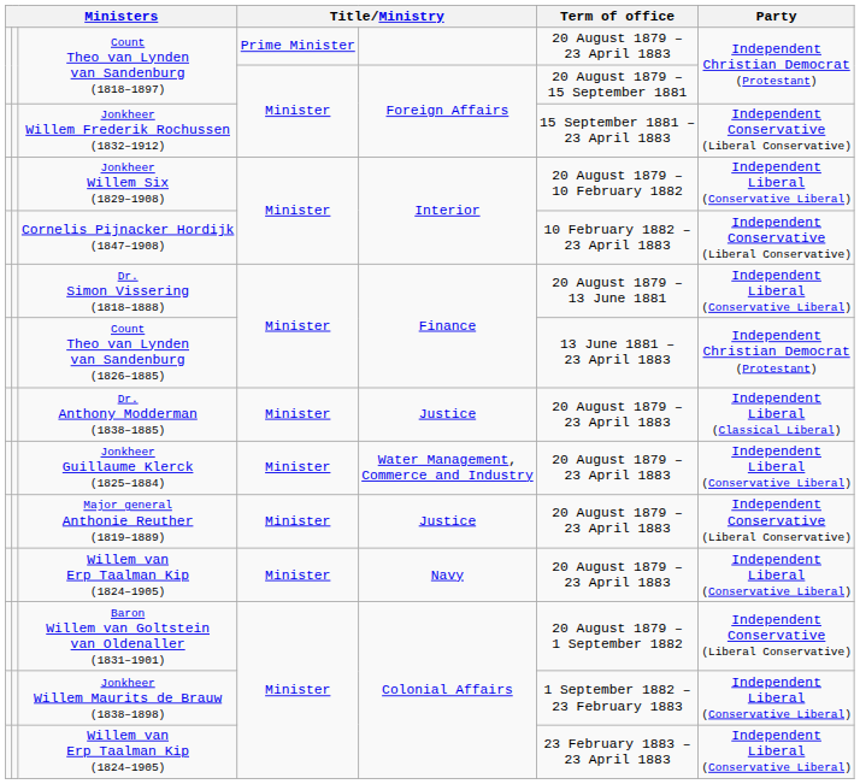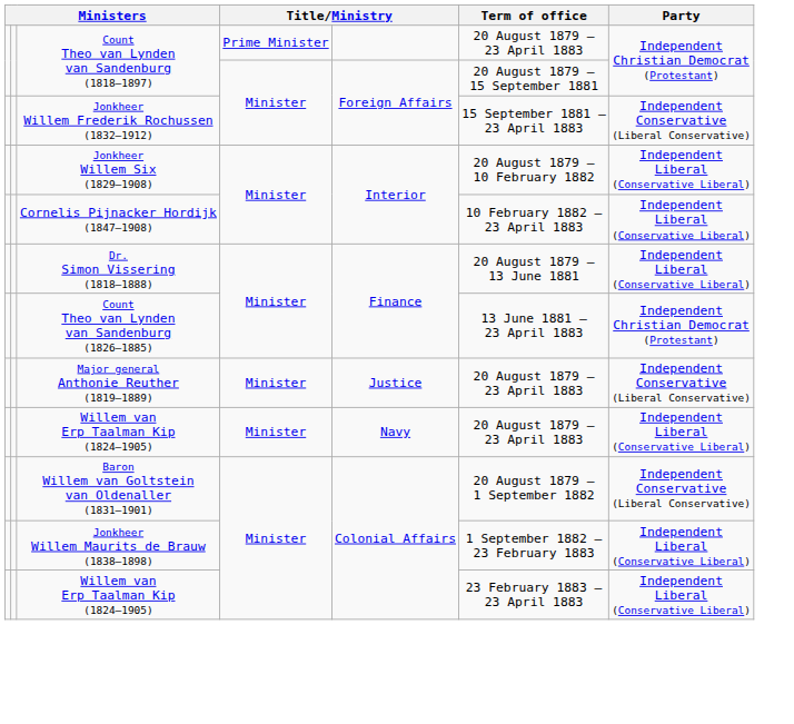 <table class="wikitable" style="text-align:center">
 <tr>
 <th colspan=3><a href='#'>Ministers</a></th>
 <th colspan=2>Title/<a href='#'>Ministry</a></th>
 <th>Term of office</th>
 <th>Party</th>
 </tr>
 <tr>
 <td rowspan=2 style="background:"></td>
 <td rowspan=2></td>
 <td rowspan=2><small><a href='#'>Count</a></small> <br> <a href='#'>Theo van Lynden <br> van Sandenburg</a> <br> <small>(1818–1897)</small></td>
 <td><a href='#'>Prime Minister</a></td>
 <td></td>
 <td>20 August 1879 – <br> 23 April 1883</td>
 <td rowspan=2><a href='#'>Independent <br> Christian Democrat</a> <br> <small>(<a href='#'>Protestant</a>)</small></td>
 </tr>
 <tr>
 <td rowspan=2><a href='#'>Minister</a></td>
 <td rowspan=2><a href='#'>Foreign Affairs</a></td>
 <td>20 August 1879 – <br> 15 September 1881 <br> </td>
 </tr>
 <tr>
 <td style="background:"></td>
 <td></td>
 <td><small><a href='#'>Jonkheer</a></small> <br> <a href='#'>Willem Frederik Rochussen</a> <br> <small>(1832–1912)</small></td>
 <td>15 September 1881 – <br> 23 April 1883</td>
 <td><a href='#'>Independent <br> Conservative</a> <br> <small>(Liberal Conservative)</small></td>
 </tr>
 <tr>
 <td style="background:"></td>
 <td></td>
 <td><small><a href='#'>Jonkheer</a></small> <br> <a href='#'>Willem Six</a> <br> <small>(1829–1908)</small></td>
 <td rowspan=2><a href='#'>Minister</a></td>
 <td rowspan=2><a href='#'>Interior</a></td>
 <td>20 August 1879 – <br> 10 February 1882 <br> </td>
 <td><a href='#'>Independent <br> Liberal</a> <br> <small>(<a href='#'>Conservative Liberal</a>)</small></td>
 </tr>
 <tr>
 <td style="background:"></td>
 <td></td>
 <td><a href='#'>Cornelis Pijnacker Hordijk</a> <br> <small>(1847–1908)</small></td>
 <td>10 February 1882 – <br> 23 April 1883</td>
-<td><a href='#'>Independent <br> Conservative</a> <br> <small>(Liberal Conservative)</small></td>
+<td><a href='#'>Independent <br> Liberal</a> <br> <small>(<a href='#'>Conservative Liberal</a>)</small></td>
 </tr>
 <tr>
 <td style="background:"></td>
 <td></td>
 <td><small><a href='#'>Dr.</a></small> <br> <a href='#'>Simon Vissering</a> <br> <small>(1818–1888)</small></td>
 <td rowspan=2><a href='#'>Minister</a></td>
 <td rowspan=2><a href='#'>Finance</a></td>
 <td>20 August 1879 – <br> 13 June 1881 <br> </td>
 <td><a href='#'>Independent <br> Liberal</a> <br> <small>(<a href='#'>Conservative Liberal</a>)</small></td>
 </tr>
 <tr>
 <td style="background:"></td>
 <td></td>
 <td><small><a href='#'>Count</a></small> <br> <a href='#'>Theo van Lynden <br> van Sandenburg</a> <br> <small>(1826–1885)</small></td>
 <td>13 June 1881 – <br> 23 April 1883</td>
 <td><a href='#'>Independent <br> Christian Democrat</a> <br> <small>(<a href='#'>Protestant</a>)</small></td>
-</tr>
-<tr>
-<td style="background:"></td>
-<td></td>
-<td><small><a href='#'>Dr.</a></small> <br> <a href='#'>Anthony Modderman</a> <br> <small>(1838–1885)</small></td>
-<td><a href='#'>Minister</a></td>
-<td><a href='#'>Justice</a></td>
-<td>20 August 1879 – <br> 23 April 1883</td>
-<td><a href='#'>Independent <br> Liberal</a> <br> <small>(<a href='#'>Classical Liberal</a>)</small></td>
-</tr>
-<tr>
-<td style="background:"></td>
-<td></td>
-<td><small><a href='#'>Jonkheer</a></small> <br> <a href='#'>Guillaume Klerck</a> <br> <small>(1825–1884)</small></td>
-<td><a href='#'>Minister</a></td>
-<td><a href='#'>Water Management</a>, <br> <a href='#'>Commerce and Industry</a></td>
-<td>20 August 1879 – <br> 23 April 1883</td>
-<td><a href='#'>Independent <br> Liberal</a> <br> <small>(<a href='#'>Conservative Liberal</a>)</small></td>
 </tr>
 <tr>
 <td style="background:"></td>
 <td></td>
 <td><small><a href='#'>Major general</a></small> <br> <a href='#'>Anthonie Reuther</a> <br> <small>(1819–1889)</small></td>
 <td><a href='#'>Minister</a></td>
 <td><a href='#'>Justice</a></td>
 <td>20 August 1879 – <br> 23 April 1883</td>
 <td><a href='#'>Independent <br> Conservative</a> <br> <small>(Liberal Conservative)</small></td>
 </tr>
 <tr>
 <td style="background:"></td>
 <td></td>
 <td><a href='#'>Willem van <br> Erp Taalman Kip</a> <br> <small>(1824–1905)</small></td>
 <td><a href='#'>Minister</a></td>
 <td><a href='#'>Navy</a></td>
 <td>20 August 1879 – <br> 23 April 1883</td>
 <td><a href='#'>Independent <br> Liberal</a> <br> <small>(<a href='#'>Conservative Liberal</a>)</small></td>
 </tr>
 <tr>
 <td style="background:"></td>
 <td></td>
 <td><small><a href='#'>Baron</a></small> <br> <a href='#'>Willem van Goltstein <br> van Oldenaller</a> <br> <small>(1831–1901)</small></td>
 <td rowspan=3><a href='#'>Minister</a></td>
 <td rowspan=3><a href='#'>Colonial Affairs</a></td>
 <td>20 August 1879 – <br> 1 September 1882 <br> </td>
 <td><a href='#'>Independent <br> Conservative</a> <br> <small>(Liberal Conservative)</small></td>
 </tr>
 <tr>
 <td style="background:"></td>
 <td></td>
 <td><small><a href='#'>Jonkheer</a></small> <br> <a href='#'>Willem Maurits de Brauw</a> <br> <small>(1838–1898)</small></td>
 <td>1 September 1882 – <br> 23 February 1883 <br> </td>
 <td><a href='#'>Independent <br> Liberal</a> <br> <small>(<a href='#'>Conservative Liberal</a>)</small></td>
 </tr>
 <tr>
 <td style="background:"></td>
 <td></td>
 <td><a href='#'>Willem van <br> Erp Taalman Kip</a> <br> <small>(1824–1905)</small></td>
 <td>23 February 1883 – <br> 23 April 1883 <br> </td>
 <td><a href='#'>Independent <br> Liberal</a> <br> <small>(<a href='#'>Conservative Liberal</a>)</small></td>
 </tr>
 </table>
